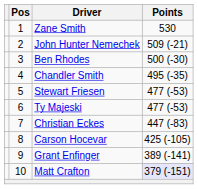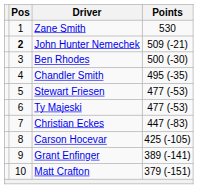 <table class="wikitable" style="font-size: 95%;">
 <tr>
 <th></th>
 <th>Pos</th>
 <th>Driver</th>
 <th>Points</th>
 </tr>
 <tr>
 <td align="left"></td>
 <td style="text-align:center;">1</td>
 <td><a href='#'>Zane Smith</a></td>
 <td style="text-align:center;">530</td>
 </tr>
 <tr>
 <td align="left"></td>
-<td style="text-align:center;">2</td>
+<td style="text-align:center;"><strong>2</strong></td>
 <td><a href='#'>John Hunter Nemechek</a></td>
 <td style="text-align:center;">509 (-21)</td>
 </tr>
 <tr>
 <td align="left"></td>
 <td style="text-align:center;">3</td>
 <td><a href='#'>Ben Rhodes</a></td>
 <td style="text-align:center;">500 (-30)</td>
 </tr>
 <tr>
 <td align="left"></td>
 <td style="text-align:center;">4</td>
 <td><a href='#'>Chandler Smith</a></td>
 <td style="text-align:center;">495 (-35)</td>
 </tr>
 <tr>
 <td align="left"></td>
 <td style="text-align:center;">5</td>
 <td><a href='#'>Stewart Friesen</a></td>
 <td style="text-align:center;">477 (-53)</td>
 </tr>
 <tr>
 <td align="left"></td>
 <td style="text-align:center;">6</td>
 <td><a href='#'>Ty Majeski</a></td>
 <td style="text-align:center;">477 (-53)</td>
 </tr>
 <tr>
 <td align="left"></td>
 <td style="text-align:center;">7</td>
 <td><a href='#'>Christian Eckes</a></td>
 <td style="text-align:center;">447 (-83)</td>
 </tr>
 <tr>
 <td align="left"></td>
 <td style="text-align:center;">8</td>
 <td><a href='#'>Carson Hocevar</a></td>
 <td style="text-align:center;">425 (-105)</td>
 </tr>
 <tr>
 <td align="left"></td>
 <td style="text-align:center;">9</td>
 <td><a href='#'>Grant Enfinger</a></td>
 <td style="text-align:center;">389 (-141)</td>
 </tr>
 <tr>
 <td align="left"></td>
 <td style="text-align:center;">10</td>
 <td><a href='#'>Matt Crafton</a></td>
-<td style="background: lavender; text-align:center;">379 (-151)</td>
+<td style="text-align:center;">379 (-151)</td>
 </tr>
 <tr class="sortbottom">
 <th colspan="9"></th>
 </tr>
 </table>
